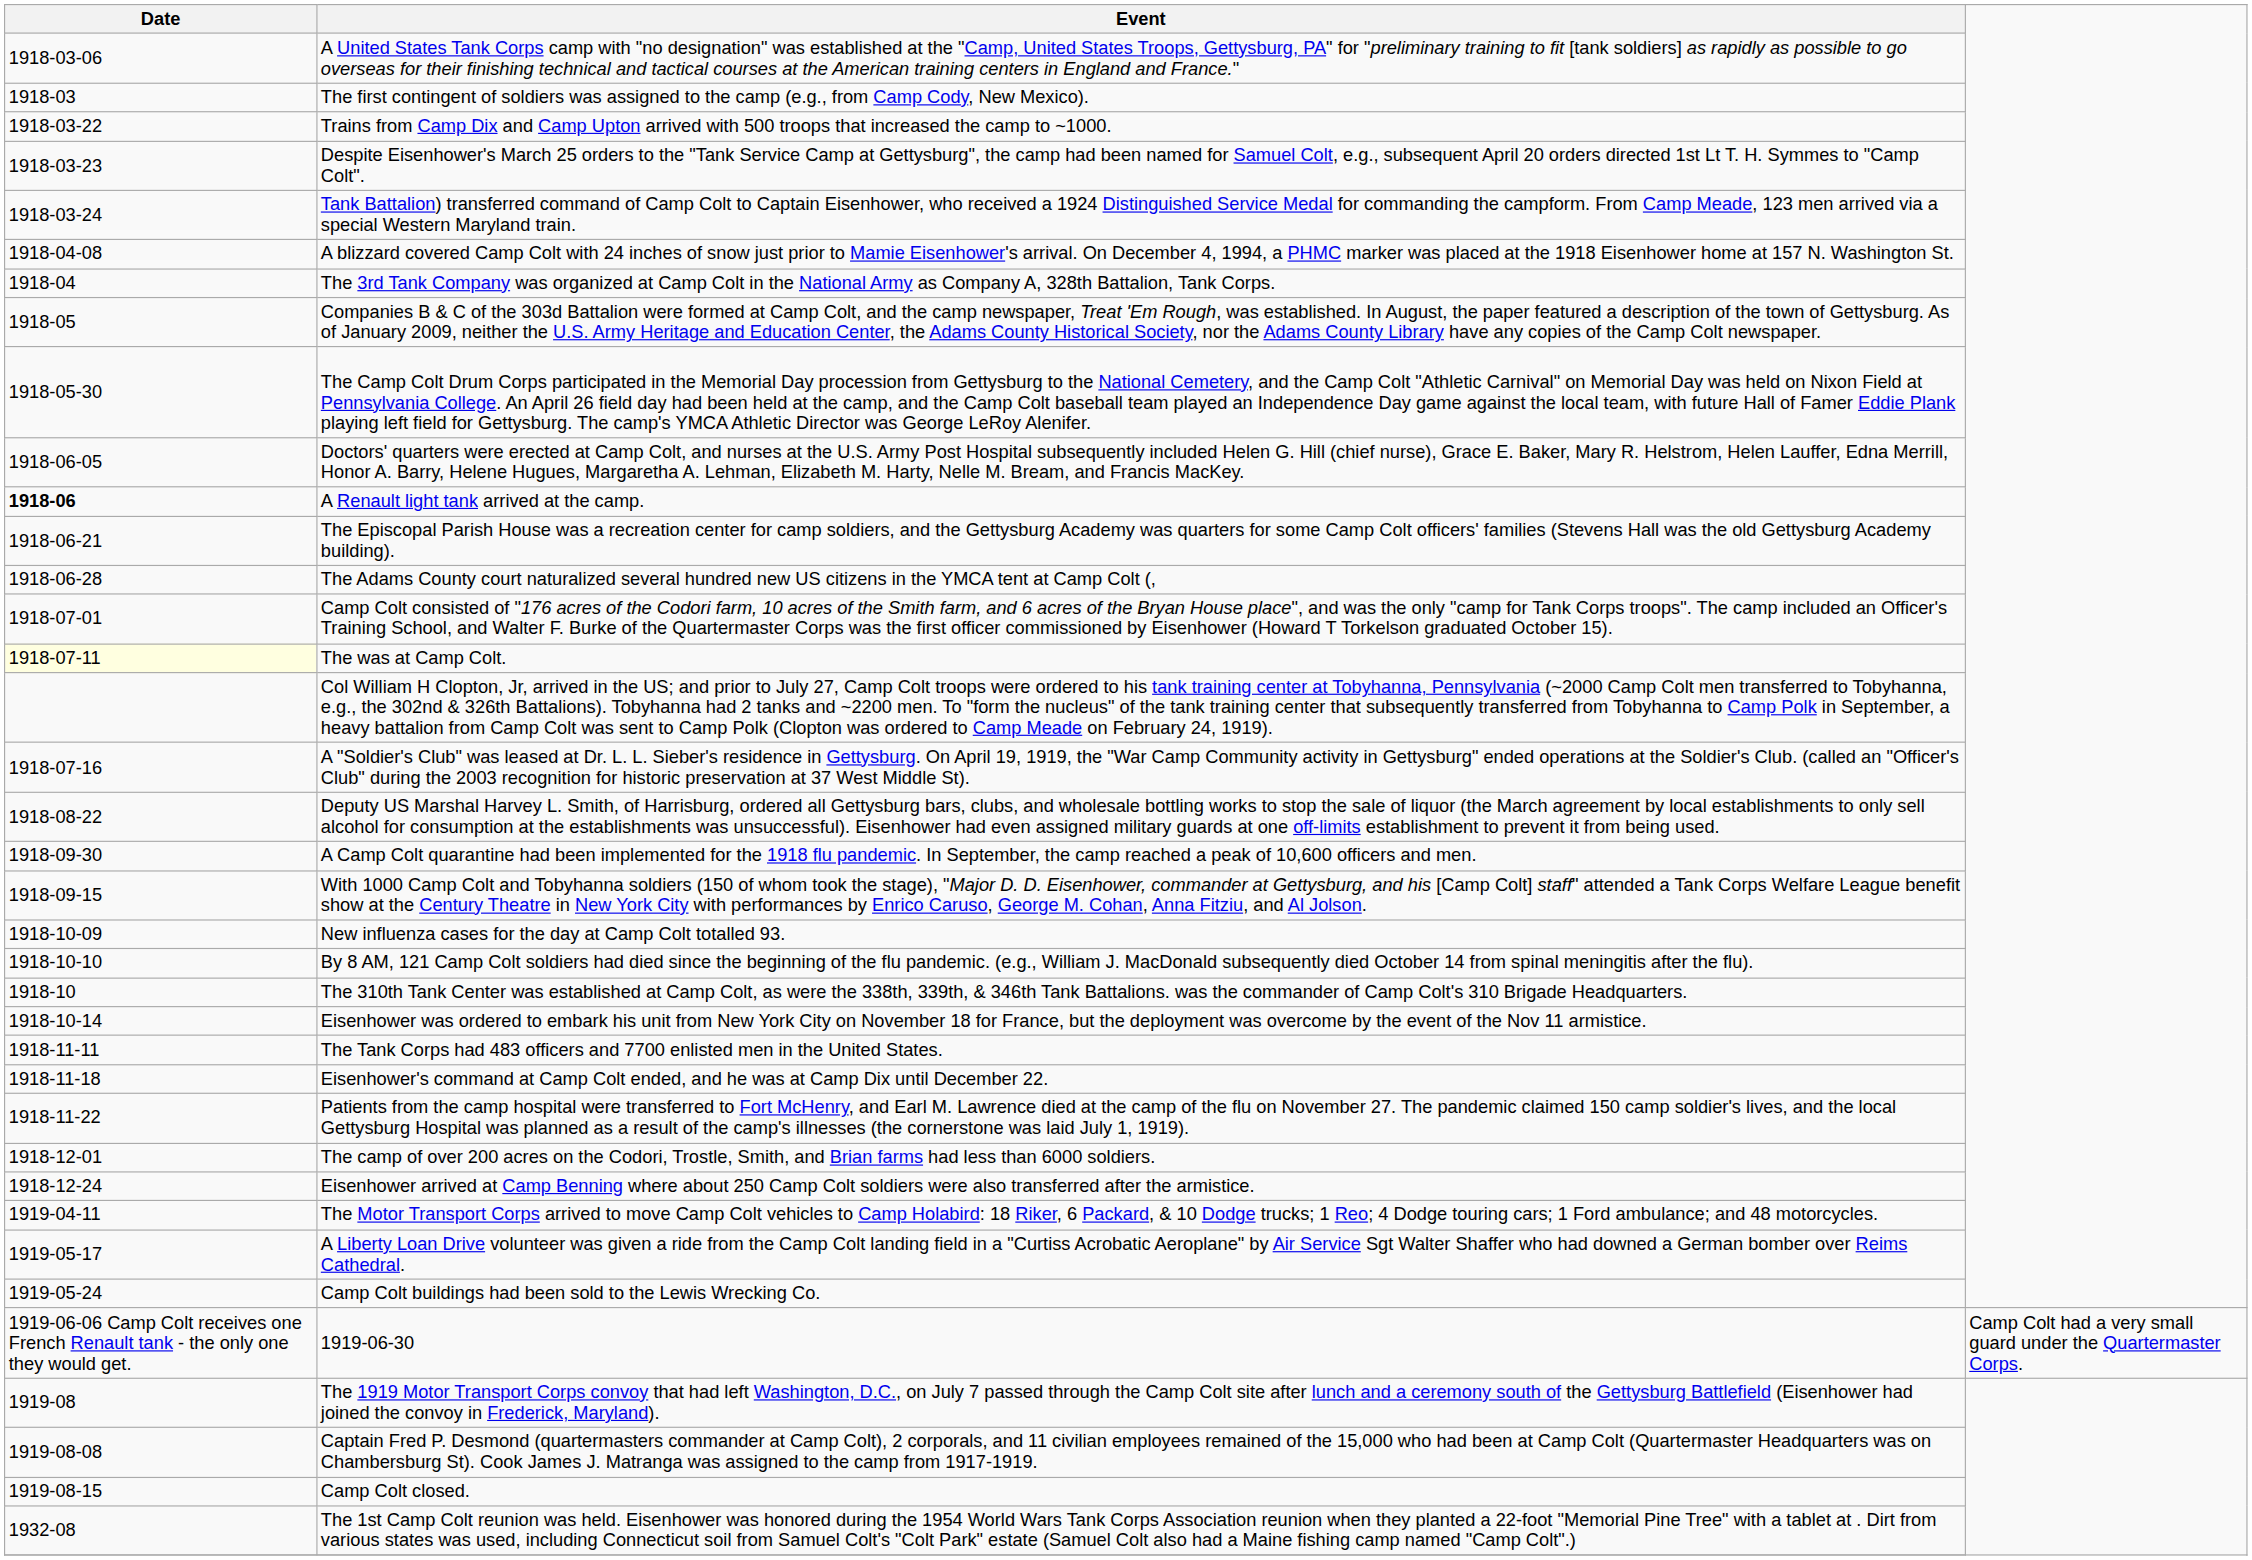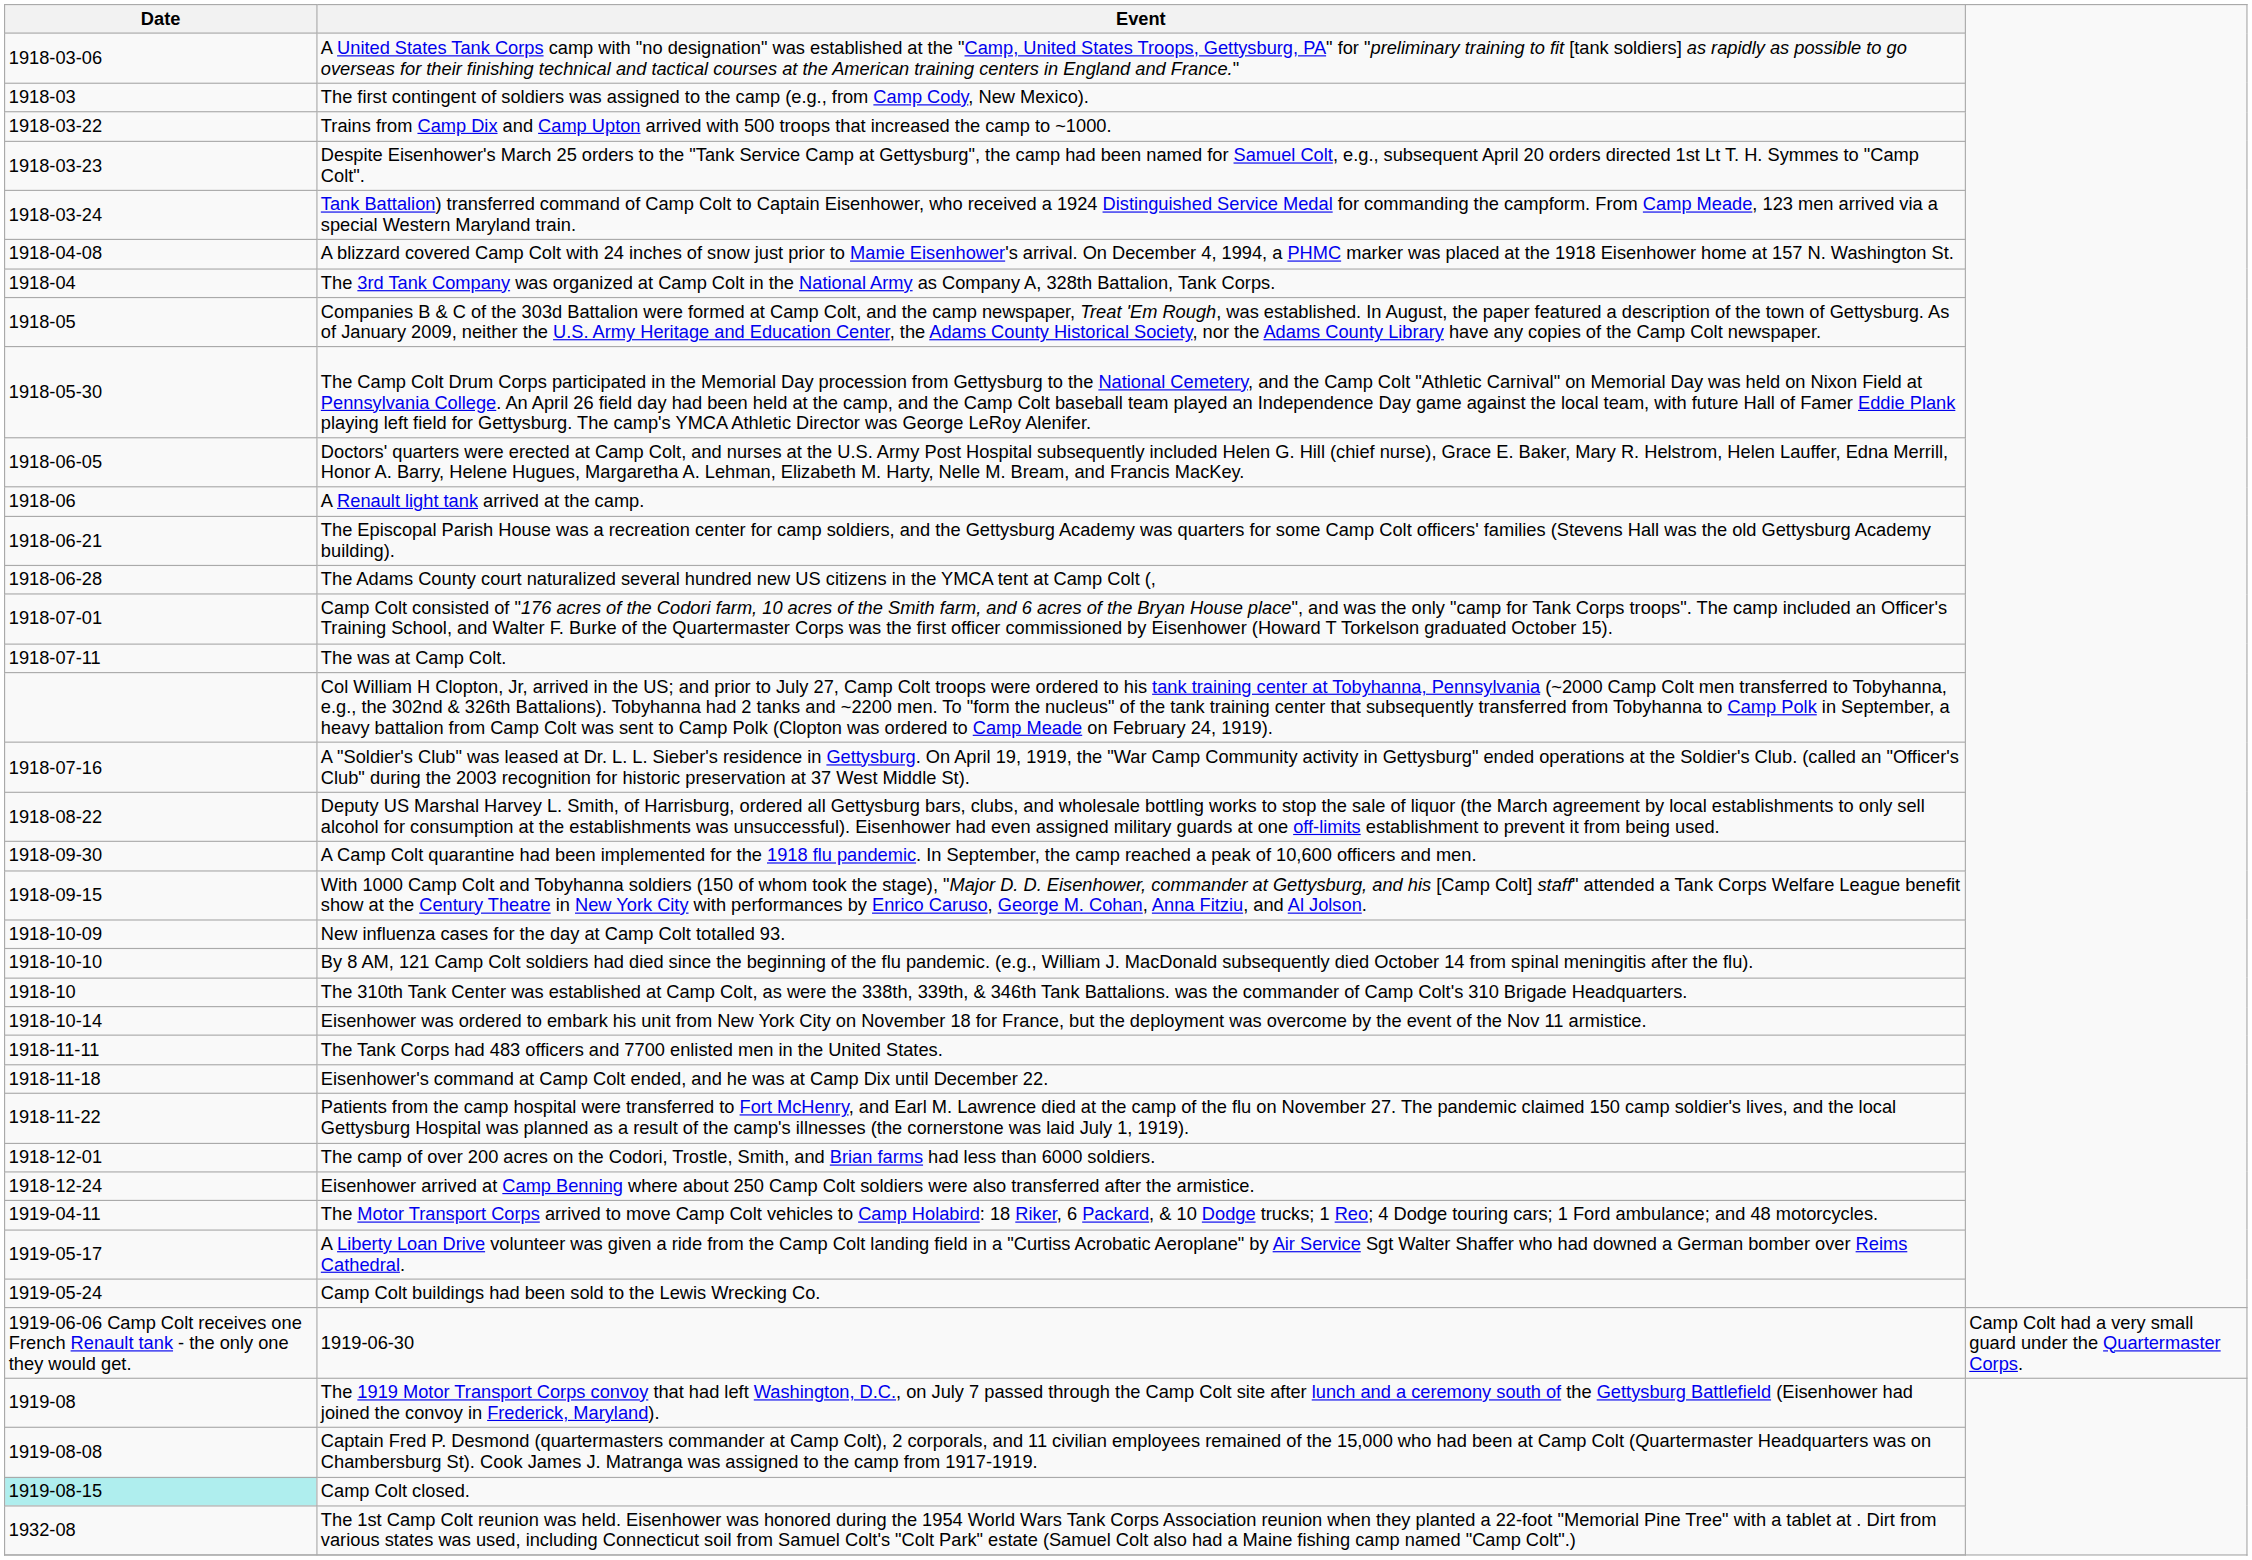 <table class="wikitable sortable">
 <tr>
 <th>Date</th>
 <th>Event</th>
 </tr>
 <tr>
 <td>1918-03-06</td>
 <td>A <a href='#'>United States Tank Corps</a> camp with "no designation" was established at the "<a href='#'>Camp, United States Troops, Gettysburg, PA</a>" for "<em>preliminary training to fit </em>[tank soldiers]<em> as rapidly as possible to go overseas for their finishing technical and tactical courses at the American training centers in England and France.</em>"</td>
 </tr>
 <tr>
 <td>1918-03</td>
 <td>The first contingent of soldiers was assigned to the camp   (e.g., from <a href='#'>Camp Cody</a>, New Mexico).</td>
 </tr>
 <tr>
 <td>1918-03-22</td>
 <td>Trains from <a href='#'>Camp Dix</a> and <a href='#'>Camp Upton</a> arrived with 500 troops that increased the camp to ~1000.</td>
 </tr>
 <tr>
 <td>1918-03-23</td>
 <td>Despite Eisenhower's March 25 orders to the "Tank Service Camp at Gettysburg", the camp had been named for <a href='#'>Samuel Colt</a>, e.g., subsequent April 20 orders directed 1st Lt T. H. Symmes to "Camp Colt".</td>
 </tr>
 <tr>
 <td>1918-03-24</td>
 <td> <a href='#'>Tank Battalion</a>) transferred command of Camp Colt to Captain Eisenhower, who received a 1924 <a href='#'>Distinguished Service Medal</a> for commanding the campform.  From <a href='#'>Camp Meade</a>, 123 men arrived via a special Western Maryland train.</td>
 </tr>
 <tr>
 <td>1918-04-08</td>
 <td>A blizzard covered Camp Colt with 24 inches of snow  just prior to <a href='#'>Mamie Eisenhower</a>'s arrival.  On December 4, 1994, a <a href='#'>PHMC</a> marker was placed at the 1918 Eisenhower home at 157 N. Washington St.</td>
 </tr>
 <tr>
 <td>1918-04</td>
 <td>The <a href='#'>3rd Tank Company</a> was organized at Camp Colt in the <a href='#'>National Army</a> as Company A, 328th Battalion, Tank Corps.</td>
 </tr>
 <tr>
 <td>1918-05</td>
 <td>Companies B & C of the 303d Battalion were formed at Camp Colt, and the camp newspaper, <em>Treat 'Em Rough</em>, was established. In August, the paper featured a description of the town of Gettysburg.  As of January 2009, neither the <a href='#'>U.S. Army Heritage and Education Center</a>, the <a href='#'>Adams County Historical Society</a>, nor the <a href='#'>Adams County Library</a> have any copies of the Camp Colt newspaper.</td>
 </tr>
 <tr>
 <td>1918-05-30</td>
 <td><br>The Camp Colt Drum Corps participated in the Memorial Day procession from Gettysburg to the <a href='#'>National Cemetery</a>,  and the Camp Colt "Athletic Carnival" on Memorial Day was held on Nixon Field at <a href='#'>Pennsylvania College</a>.   An April 26 field day had been held at the camp,  and the Camp Colt baseball team played an Independence Day game against the local team, with future Hall of Famer <a href='#'>Eddie Plank</a> playing left field for Gettysburg.  The camp's YMCA Athletic Director was George LeRoy Alenifer.</td>
 </tr>
 <tr>
 <td>1918-06-05</td>
 <td>Doctors' quarters were erected at Camp Colt,  and nurses at the U.S. Army Post Hospital subsequently included  Helen G. Hill (chief nurse), Grace E. Baker, Mary R. Helstrom, Helen Lauffer, Edna Merrill, Honor A. Barry, Helene Hugues, Margaretha A. Lehman, Elizabeth M. Harty, Nelle M. Bream, and Francis MacKey.</td>
 </tr>
 <tr>
-<td><strong>1918-06</strong></td>
+<td>1918-06</td>
 <td>A <a href='#'>Renault light tank</a> arrived at the camp.</td>
 </tr>
 <tr>
 <td>1918-06-21</td>
 <td>The Episcopal Parish House was a recreation center for camp soldiers, and the Gettysburg Academy was quarters for some Camp Colt officers' families  (Stevens Hall was the old Gettysburg Academy building).</td>
 </tr>
 <tr>
 <td>1918-06-28</td>
 <td>The Adams County court naturalized several hundred new US citizens in the YMCA tent at Camp Colt (, </td>
 </tr>
 <tr>
 <td>1918-07-01</td>
 <td>Camp Colt consisted of "<em>176 acres of the Codori farm, 10 acres of the Smith farm, and 6 acres of the Bryan House place</em>", and was the only "camp for Tank Corps troops". The camp included an Officer's Training School, and Walter F. Burke of the Quartermaster Corps was the first officer commissioned by Eisenhower  (Howard T Torkelson graduated October 15).</td>
 </tr>
 <tr>
-<td style="background: lightyellow;">1918-07-11</td>
+<td>1918-07-11</td>
 <td>The   was at Camp Colt.</td>
 </tr>
 <tr>
 <td></td>
 <td>Col William H Clopton, Jr, arrived in the US; and prior to July 27, Camp Colt troops were ordered to his <a href='#'>tank training center at Tobyhanna, Pennsylvania</a> (~2000 Camp Colt men transferred to Tobyhanna, e.g., the 302nd  & 326th  Battalions).   Tobyhanna had 2 tanks and ~2200 men.  To "form the nucleus" of the tank training center that subsequently transferred from Tobyhanna to <a href='#'>Camp Polk</a> in September, a heavy battalion from Camp Colt was sent to Camp Polk (Clopton was ordered to <a href='#'>Camp Meade</a> on February 24, 1919).</td>
 </tr>
 <tr>
 <td>1918-07-16</td>
 <td>A "Soldier's Club" was leased at Dr. L. L. Sieber's residence in <a href='#'>Gettysburg</a>. On April 19, 1919, the "War Camp Community activity in Gettysburg" ended operations at the Soldier's Club. (called an "Officer's Club" during the 2003 recognition for historic preservation at 37 West Middle St).</td>
 </tr>
 <tr>
 <td>1918-08-22</td>
 <td>Deputy US Marshal Harvey L. Smith, of Harrisburg, ordered all Gettysburg bars, clubs, and wholesale bottling works to stop the sale of liquor  (the March agreement by local establishments to only sell alcohol for consumption at the establishments was unsuccessful).  Eisenhower had even assigned military guards at one <a href='#'>off-limits</a> establishment to prevent it from being used.</td>
 </tr>
 <tr>
 <td>1918-09-30</td>
 <td>A Camp Colt quarantine had been implemented for the <a href='#'>1918 flu pandemic</a>.  In September, the camp reached a peak of 10,600 officers and men.</td>
 </tr>
 <tr>
 <td>1918-09-15</td>
 <td>With 1000 Camp Colt and Tobyhanna soldiers (150 of whom took the stage), "<em>Major D. D. Eisenhower, commander at Gettysburg, and his </em>[Camp Colt]<em> staff</em>" attended a Tank Corps Welfare League benefit show at the <a href='#'>Century Theatre</a> in <a href='#'>New York City</a> with performances by <a href='#'>Enrico Caruso</a>, <a href='#'>George M. Cohan</a>, <a href='#'>Anna Fitziu</a>, and <a href='#'>Al Jolson</a>.</td>
 </tr>
 <tr>
 <td>1918-10-09</td>
 <td>New influenza cases for the day at Camp Colt totalled 93.</td>
 </tr>
 <tr>
 <td>1918-10-10</td>
 <td>By 8 AM, 121 Camp Colt soldiers had died since the beginning of the flu pandemic. (e.g., William J. MacDonald subsequently died October 14 from spinal meningitis after the flu).</td>
 </tr>
 <tr>
 <td>1918-10</td>
 <td>The 310th Tank Center was established at Camp Colt, as were the 338th, 339th, & 346th Tank Battalions.   was the commander of Camp Colt's 310 Brigade Headquarters.</td>
 </tr>
 <tr>
 <td>1918-10-14</td>
 <td>Eisenhower was ordered to embark his unit from New York City on November 18 for France, but the deployment was overcome by the event of the Nov 11 armistice.</td>
 </tr>
 <tr>
 <td>1918-11-11</td>
 <td>The Tank Corps had 483 officers and 7700 enlisted men in the United States.</td>
 </tr>
 <tr>
 <td>1918-11-18</td>
 <td>Eisenhower's command at Camp Colt ended, and he was at Camp Dix until December 22.</td>
 </tr>
 <tr>
 <td>1918-11-22</td>
 <td>Patients from the camp hospital were transferred to <a href='#'>Fort McHenry</a>, and Earl M. Lawrence died at the camp of the flu on November 27.  The pandemic claimed 150 camp soldier's lives,  and the local Gettysburg Hospital was planned as a result of the camp's illnesses  (the cornerstone was laid July 1, 1919).</td>
 </tr>
 <tr>
 <td>1918-12-01</td>
 <td>The camp of over 200 acres on the Codori, Trostle, Smith, and <a href='#'>Brian farms</a> had less than 6000 soldiers.</td>
 </tr>
 <tr>
 <td>1918-12-24</td>
 <td>Eisenhower arrived at <a href='#'>Camp Benning</a> where about 250 Camp Colt soldiers were also transferred after the armistice.</td>
 </tr>
 <tr>
 <td>1919-04-11</td>
 <td>The <a href='#'>Motor Transport Corps</a> arrived to move Camp Colt vehicles to <a href='#'>Camp Holabird</a>:  18 <a href='#'>Riker</a>, 6 <a href='#'>Packard</a>, & 10 <a href='#'>Dodge</a> trucks; 1 <a href='#'>Reo</a>; 4 Dodge touring cars; 1 Ford ambulance; and 48 motorcycles.</td>
 </tr>
 <tr>
 <td>1919-05-17</td>
 <td>A <a href='#'>Liberty Loan Drive</a> volunteer was given a ride from the Camp Colt landing field   in a "Curtiss Acrobatic Aeroplane" by <a href='#'>Air Service</a> Sgt Walter Shaffer who had downed a German bomber over <a href='#'>Reims Cathedral</a>.</td>
 </tr>
 <tr>
 <td>1919-05-24</td>
 <td>Camp Colt buildings had been sold to the Lewis Wrecking Co. </td>
 </tr>
 <tr>
 <td>1919-06-06 Camp Colt receives one French <a href='#'>Renault tank</a> - the only one they would get.</td>
 <td>1919-06-30</td>
 <td>Camp Colt had a very small guard under the <a href='#'>Quartermaster Corps</a>.</td>
 </tr>
 <tr>
 <td>1919-08</td>
 <td>The <a href='#'>1919 Motor Transport Corps convoy</a> that had left <a href='#'>Washington, D.C.</a>, on July 7 passed through the Camp Colt site after <a href='#'>lunch and a ceremony south of</a> the <a href='#'>Gettysburg Battlefield</a> (Eisenhower had joined the convoy in <a href='#'>Frederick, Maryland</a>).</td>
 </tr>
 <tr>
 <td>1919-08-08</td>
 <td>Captain Fred P. Desmond (quartermasters commander at Camp Colt), 2 corporals, and 11 civilian employees remained of the 15,000 who had been at Camp Colt (Quartermaster Headquarters was on Chambersburg St).    Cook James J. Matranga was assigned to the camp from 1917-1919.</td>
 </tr>
 <tr>
-<td>1919-08-15</td>
+<td style="background: paleturquoise;">1919-08-15</td>
 <td>Camp Colt closed.</td>
 </tr>
 <tr>
 <td>1932-08</td>
 <td>The 1st Camp Colt reunion was held.  Eisenhower was honored during the 1954 World Wars Tank Corps Association reunion when they planted a 22-foot "Memorial Pine Tree" with a tablet at . Dirt from various states was used, including Connecticut soil from Samuel Colt's "Colt Park" estate (Samuel Colt also had a Maine fishing camp named "Camp Colt".)</td>
 </tr>
 <tr>
 </tr>
 </table>
